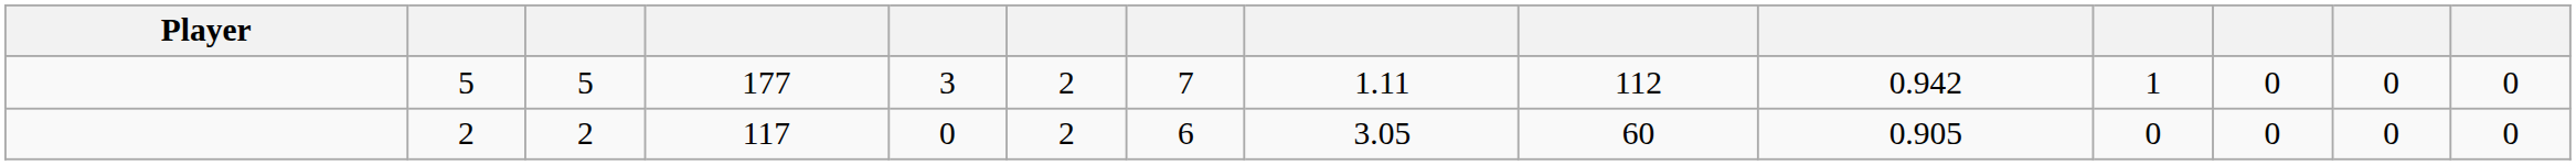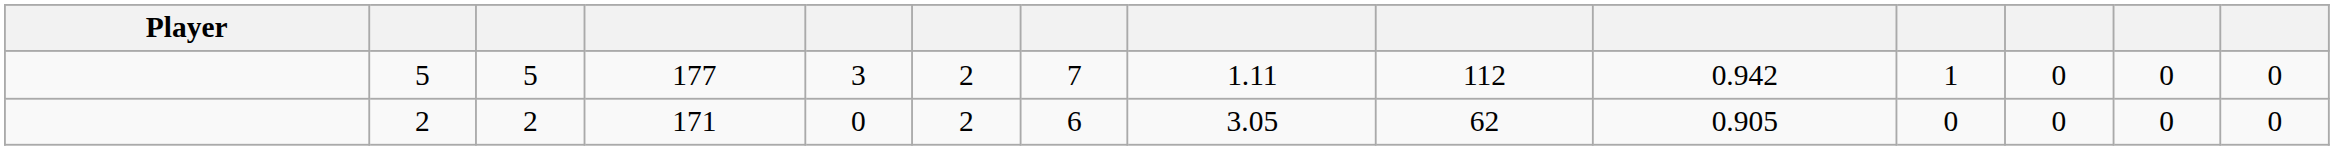 <table class="wikitable sortable" style="width:100%; text-align:center;">
 <tr style="background:#ddd;">
 <th>Player</th>
 <th></th>
 <th></th>
 <th></th>
 <th></th>
 <th></th>
 <th></th>
 <th></th>
 <th></th>
 <th></th>
 <th></th>
 <th></th>
 <th></th>
 <th></th>
 </tr>
 <tr>
 <td></td>
 <td>5</td>
 <td>5</td>
 <td>177</td>
 <td>3</td>
 <td>2</td>
 <td>7</td>
 <td>1.11</td>
 <td>112</td>
 <td>0.942</td>
 <td>1</td>
 <td>0</td>
 <td>0</td>
 <td>0</td>
 </tr>
 <tr>
 <td></td>
 <td>2</td>
 <td>2</td>
-<td>117</td>
+<td>171</td>
 <td>0</td>
 <td>2</td>
 <td>6</td>
 <td>3.05</td>
-<td>60</td>
+<td>62</td>
 <td>0.905</td>
 <td>0</td>
 <td>0</td>
 <td>0</td>
 <td>0</td>
 </tr>
 </table>
